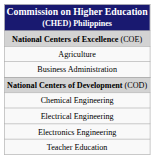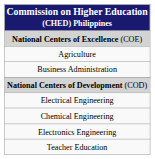 <table class="wikitable floatright">
 <tr style="color:white; background:#191970; text-align:center;">
 <td><strong>Commission on Higher Education <br> <small>(CHED) Philippines</small></strong></td>
 </tr>
 <tr style="color:black; background:#D3D3D3; text-align:center;">
 <td><small> <strong>National Centers of Excellence</strong> (COE) </small></td>
 </tr>
 <tr>
 <td style="text-align:center;"><small> Agriculture </small></td>
 </tr>
 <tr>
 <td style="text-align:center;"><small> Business Administration </small></td>
 </tr>
 <tr>
 </tr>
 <tr style="color:black; background:#D3D3D3; text-align:center;">
 <td><small> <strong>National Centers of Development</strong> (COD)</small></td>
 </tr>
 <tr>
-<td style="text-align:center;"><small> Chemical Engineering </small></td>
+<td style="text-align:center;"><small> Electrical Engineering </small></td>
 </tr>
 <tr>
-<td style="text-align:center;"><small> Electrical Engineering </small></td>
+<td style="text-align:center;"><small> Chemical Engineering </small></td>
 </tr>
 <tr>
 <td style="text-align:center;"><small> Electronics Engineering </small></td>
 </tr>
 <tr>
 <td style="text-align:center;"><small> Teacher Education </small></td>
 </tr>
 </table>
